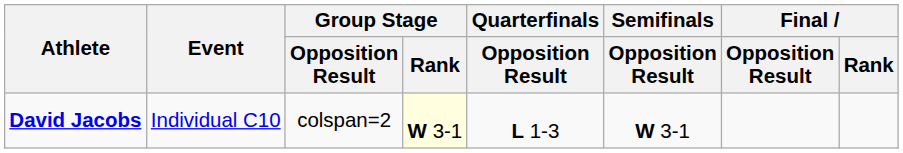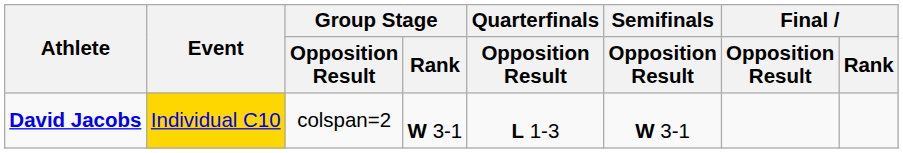 <table class=wikitable>
 <tr>
 <th rowspan="2">Athlete</th>
 <th rowspan="2">Event</th>
 <th colspan="2">Group Stage</th>
 <th>Quarterfinals</th>
 <th>Semifinals</th>
 <th colspan="2">Final / </th>
 </tr>
 <tr>
 <th>Opposition<br>Result</th>
 <th>Rank</th>
 <th>Opposition<br>Result</th>
 <th>Opposition<br>Result</th>
 <th>Opposition<br>Result</th>
 <th>Rank</th>
 </tr>
 <tr align=center>
 <td align=left><strong><a href='#'>David Jacobs</a></strong></td>
-<td align=left><a href='#'>Individual C10</a></td>
+<td align=left style="background: gold;"><a href='#'>Individual C10</a></td>
 <td>colspan=2 </td>
-<td style="background: lightyellow;"><br> <strong>W</strong> 3-1</td>
+<td><br> <strong>W</strong> 3-1</td>
 <td><br> <strong>L</strong> 1-3</td>
 <td><br> <strong>W</strong> 3-1</td>
 <td></td>
 </tr>
 </table>
